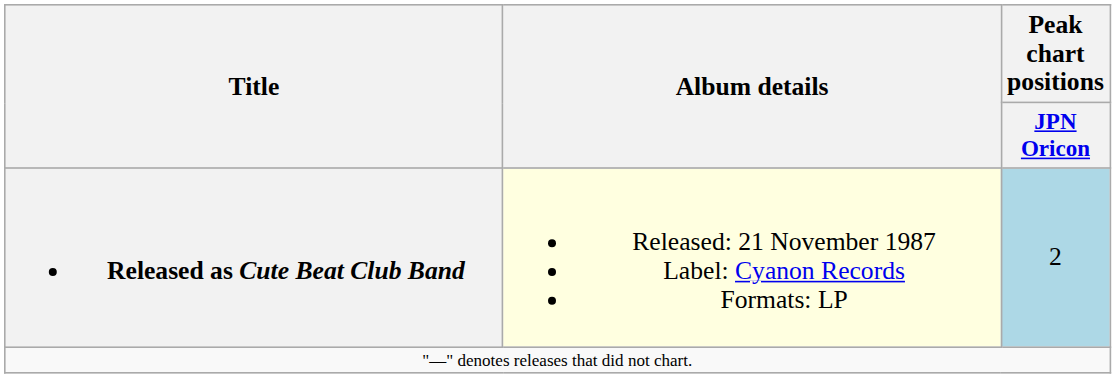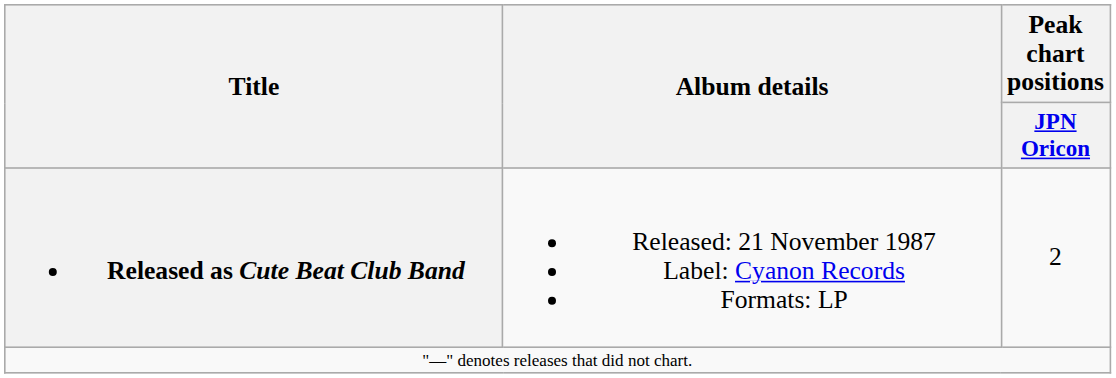 <table class="wikitable plainrowheaders" style="text-align:center;">
 <tr>
 <th scope="col" rowspan="2" style="width:19em;">Title</th>
 <th scope="col" rowspan="2" style="width:19em;">Album details</th>
 <th scope="col">Peak<br>chart<br>positions</th>
 </tr>
 <tr>
 <th scope="col" style="width:2.9em;font-size:90%;"><a href='#'>JPN<br>Oricon</a><br></th>
 </tr>
 <tr>
 <th scope="row"><br><ul><li>Released as <em>Cute Beat Club Band</em></li></ul></th>
-<td style="background: lightyellow;"><br><ul><li>Released: 21 November 1987</li><li>Label: <a href='#'>Cyanon Records</a></li><li>Formats: LP</li></ul></td>
-<td style="background: lightblue;">2</td>
+<td><br><ul><li>Released: 21 November 1987</li><li>Label: <a href='#'>Cyanon Records</a></li><li>Formats: LP</li></ul></td>
+<td>2</td>
 </tr>
 <tr>
 <td align="center" colspan="4" style="font-size: 8pt">"—" denotes releases that did not chart.</td>
 </tr>
 </table>
